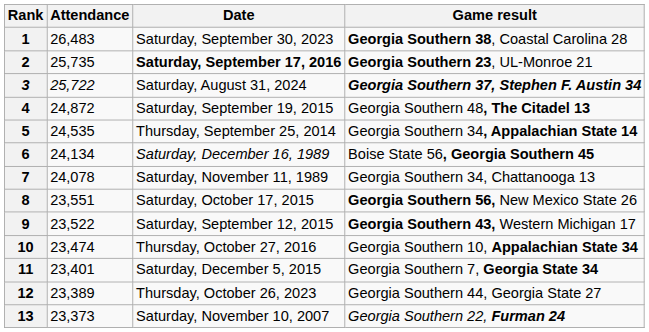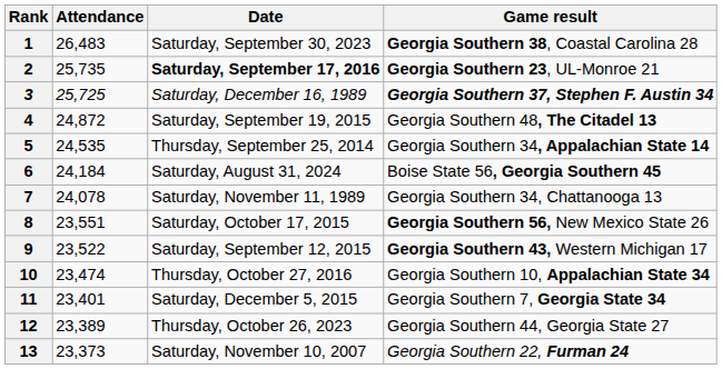 <table class="wikitable">
 <tr>
 <th>Rank</th>
 <th>Attendance</th>
 <th>Date</th>
 <th>Game result</th>
 </tr>
 <tr>
 <th>1</th>
 <td>26,483</td>
 <td>Saturday, September 30, 2023</td>
 <td><strong>Georgia Southern 38</strong>, Coastal Carolina 28</td>
 </tr>
 <tr>
 <th>2</th>
 <td>25,735</td>
 <td><strong>Saturday, September 17, 2016</strong></td>
 <td><strong>Georgia Southern 23</strong>, UL-Monroe 21</td>
 </tr>
 <tr>
 <th><em>3</em></th>
-<td><em>25,722</em></td>
-<td>Saturday, August 31, 2024</td>
+<td><em>25,725</em></td>
+<td><em>Saturday, December 16, 1989</em></td>
 <td><strong><em>Georgia Southern 37<strong>, Stephen F. Austin 34<em></td>
 </tr>
 <tr>
 <th>4</th>
 <td>24,872</td>
 <td>Saturday, September 19, 2015</td>
 <td></strong>Georgia Southern 48<strong>, The Citadel 13</td>
 </tr>
 <tr>
 <th>5</th>
 <td>24,535</td>
 <td>Thursday, September 25, 2014</td>
 <td></strong>Georgia Southern 34<strong>, Appalachian State 14</td>
 </tr>
 <tr>
 <th>6</th>
-<td>24,134</td>
-<td><em>Saturday, December 16, 1989</em></td>
+<td>24,184</td>
+<td>Saturday, August 31, 2024</td>
 <td></strong>Boise State 56<strong>, Georgia Southern 45</td>
 </tr>
 <tr>
 <th>7</th>
 <td></em>24,078<em></td>
 <td></em>Saturday, November 11, 1989<em></td>
 <td></em></strong>Georgia Southern 34</strong>, Chattanooga 13</em></td>
 </tr>
 <tr>
 <th>8</th>
 <td>23,551</td>
 <td>Saturday, October 17, 2015</td>
 <td><strong>Georgia Southern 56,</strong> New Mexico State 26</td>
 </tr>
 <tr>
 <th>9</th>
 <td>23,522</td>
 <td>Saturday, September 12, 2015</td>
 <td><strong>Georgia Southern 43,</strong> Western Michigan 17</td>
 </tr>
 <tr>
 <th>10</th>
 <td>23,474</td>
 <td>Thursday, October 27, 2016</td>
 <td>Georgia Southern 10, <strong>Appalachian State 34</strong></td>
 </tr>
 <tr>
 <th>11</th>
 <td>23,401</td>
 <td>Saturday, December 5, 2015</td>
 <td>Georgia Southern 7, <strong>Georgia State 34</strong></td>
 </tr>
 <tr>
 <th>12</th>
 <td>23,389</td>
 <td>Thursday, October 26, 2023</td>
 <td>Georgia Southern 44, Georgia State 27</td>
 </tr>
 <tr>
 <th>13</th>
 <td>23,373</td>
 <td>Saturday, November 10, 2007</td>
 <td><em>Georgia Southern 22, <strong>Furman 24<strong><em></td>
 </tr>
 </table>
